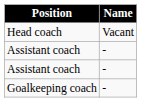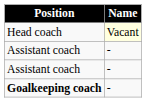 <table class="wikitable">
 <tr>
 <th style="background:#000000; color:#FFFFFF;">Position</th>
 <th style="background:#000000; color:#FFFFFF;">Name</th>
 </tr>
 <tr>
 <td>Head coach</td>
-<td> Vacant</td>
+<td style="background: lightyellow;"> Vacant</td>
 </tr>
 <tr>
 <td>Assistant coach</td>
 <td>-</td>
 </tr>
 <tr>
 <td>Assistant coach</td>
 <td>-</td>
 </tr>
 <tr>
-<td>Goalkeeping coach</td>
+<td><strong>Goalkeeping coach</strong></td>
 <td>-</td>
 </tr>
 </table>
